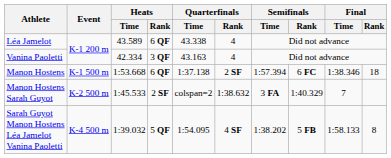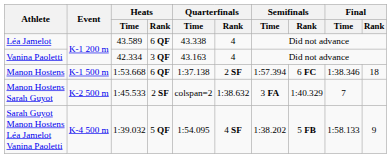 <table class=wikitable style="font-size:90%">
 <tr>
 <th rowspan="2">Athlete</th>
 <th rowspan="2">Event</th>
 <th colspan=2>Heats</th>
 <th colspan=2>Quarterfinals</th>
 <th colspan=2>Semifinals</th>
 <th colspan=2>Final</th>
 </tr>
 <tr style="font-size:95%">
 <th>Time</th>
 <th>Rank</th>
 <th>Time</th>
 <th>Rank</th>
 <th>Time</th>
 <th>Rank</th>
 <th>Time</th>
 <th>Rank</th>
 </tr>
 <tr align=center>
 <td align=left><a href='#'>Léa Jamelot</a></td>
 <td rowspan=2><a href='#'>K-1 200 m</a></td>
 <td>43.589</td>
 <td>6 <strong>QF</strong></td>
 <td>43.338</td>
 <td>4</td>
 <td colspan=4>Did not advance</td>
 </tr>
 <tr align=center>
 <td align=left><a href='#'>Vanina Paoletti</a></td>
 <td>42.334</td>
 <td>3 <strong>QF</strong></td>
 <td>43.163</td>
 <td>4</td>
 <td colspan=4>Did not advance</td>
 </tr>
 <tr align=center>
 <td align=left><a href='#'>Manon Hostens</a></td>
 <td align=left><a href='#'>K-1 500 m</a></td>
 <td>1:53.668</td>
 <td>6 <strong>QF</strong></td>
 <td>1:37.138</td>
 <td>2 <strong>SF</strong></td>
 <td>1:57.394</td>
 <td>6 <strong>FC</strong></td>
 <td>1:38.346</td>
 <td>18</td>
 </tr>
 <tr align=center>
 <td align=left><a href='#'>Manon Hostens</a><br><a href='#'>Sarah Guyot</a></td>
 <td align=left><a href='#'>K-2 500 m</a></td>
 <td>1:45.533</td>
 <td>2 <strong>SF</strong></td>
 <td>colspan=2 </td>
 <td>1:38.632</td>
 <td>3 <strong>FA</strong></td>
 <td>1:40.329</td>
 <td>7</td>
 </tr>
 <tr align=center>
 <td align=left><a href='#'>Sarah Guyot</a><br><a href='#'>Manon Hostens</a><br><a href='#'>Léa Jamelot</a><br><a href='#'>Vanina Paoletti</a></td>
 <td align=left><a href='#'>K-4 500 m</a></td>
 <td>1:39.032</td>
 <td>5 <strong>QF</strong></td>
 <td>1:54.095</td>
 <td>4 <strong>SF</strong></td>
 <td>1:38.202</td>
 <td>5 <strong>FB</strong></td>
 <td>1:58.133</td>
-<td>8</td>
+<td>9</td>
 </tr>
 </table>
